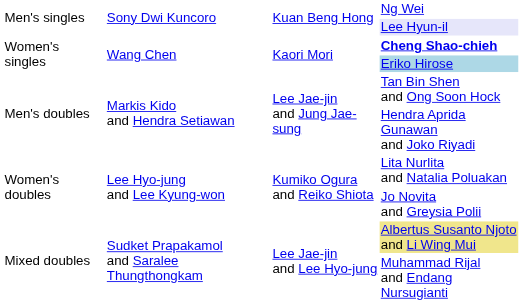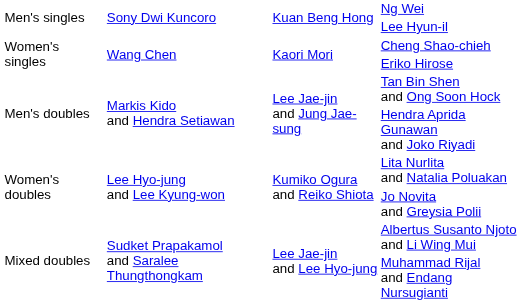 <table>
 <tr>
 <td rowspan=2>Men's singles</td>
 <td rowspan=2> <a href='#'>Sony Dwi Kuncoro</a></td>
 <td rowspan=2> <a href='#'>Kuan Beng Hong</a></td>
 <td> <a href='#'>Ng Wei</a></td>
 </tr>
 <tr>
-<td style="background: lavender;"> <a href='#'>Lee Hyun-il</a></td>
+<td> <a href='#'>Lee Hyun-il</a></td>
 </tr>
 <tr>
 <td rowspan=2>Women's singles</td>
 <td rowspan=2> <a href='#'>Wang Chen</a></td>
 <td rowspan=2> <a href='#'>Kaori Mori</a></td>
-<td><strong> <a href='#'>Cheng Shao-chieh</a></strong></td>
+<td> <a href='#'>Cheng Shao-chieh</a></td>
 </tr>
 <tr>
-<td style="background: lightblue;"> <a href='#'>Eriko Hirose</a></td>
+<td> <a href='#'>Eriko Hirose</a></td>
 </tr>
 <tr>
 <td rowspan=2>Men's doubles</td>
 <td rowspan=2> <a href='#'>Markis Kido</a><br>and <a href='#'>Hendra Setiawan</a></td>
 <td rowspan=2> <a href='#'>Lee Jae-jin</a><br>and <a href='#'>Jung Jae-sung</a></td>
 <td> <a href='#'>Tan Bin Shen</a><br>and <a href='#'>Ong Soon Hock</a></td>
 </tr>
 <tr>
 <td> <a href='#'>Hendra Aprida Gunawan</a><br>and <a href='#'>Joko Riyadi</a></td>
 </tr>
 <tr>
 <td rowspan=2>Women's doubles</td>
 <td rowspan=2> <a href='#'>Lee Hyo-jung</a><br>and <a href='#'>Lee Kyung-won</a></td>
 <td rowspan=2> <a href='#'>Kumiko Ogura</a><br>and <a href='#'>Reiko Shiota</a></td>
 <td> <a href='#'>Lita Nurlita</a><br>and <a href='#'>Natalia Poluakan</a></td>
 </tr>
 <tr>
 <td> <a href='#'>Jo Novita</a><br>and <a href='#'>Greysia Polii</a></td>
 </tr>
 <tr>
 <td rowspan=2>Mixed doubles</td>
 <td rowspan=2> <a href='#'>Sudket Prapakamol</a><br>and <a href='#'>Saralee Thungthongkam</a></td>
 <td rowspan=2> <a href='#'>Lee Jae-jin</a><br>and <a href='#'>Lee Hyo-jung</a></td>
-<td style="background: khaki;"> <a href='#'>Albertus Susanto Njoto</a><br>and <a href='#'>Li Wing Mui</a></td>
+<td> <a href='#'>Albertus Susanto Njoto</a><br>and <a href='#'>Li Wing Mui</a></td>
 </tr>
 <tr>
 <td> <a href='#'>Muhammad Rijal</a><br>and <a href='#'>Endang Nursugianti</a></td>
 </tr>
 </table>
